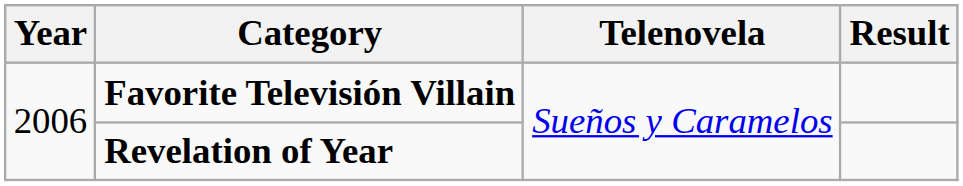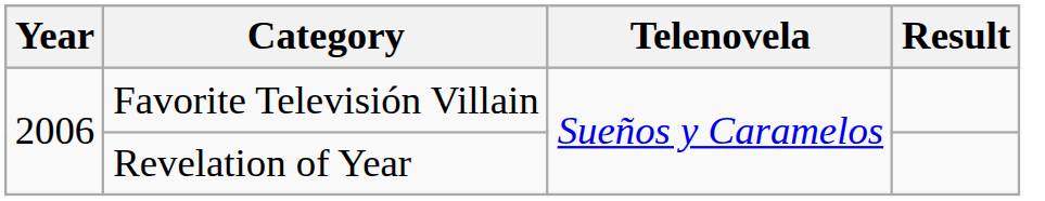 <table class="wikitable">
 <tr style="background:#b0c4de;">
 <th>Year</th>
 <th>Category</th>
 <th>Telenovela</th>
 <th>Result</th>
 </tr>
 <tr>
 <td rowspan=2>2006</td>
-<td><strong>Favorite Televisión Villain</strong></td>
+<td>Favorite Televisión Villain</td>
 <td rowspan="2"><em><a href='#'>Sueños y Caramelos</a></em></td>
 <td></td>
 </tr>
 <tr>
-<td><strong>Revelation of Year</strong></td>
+<td>Revelation of Year</td>
 <td></td>
 </tr>
 </table>
